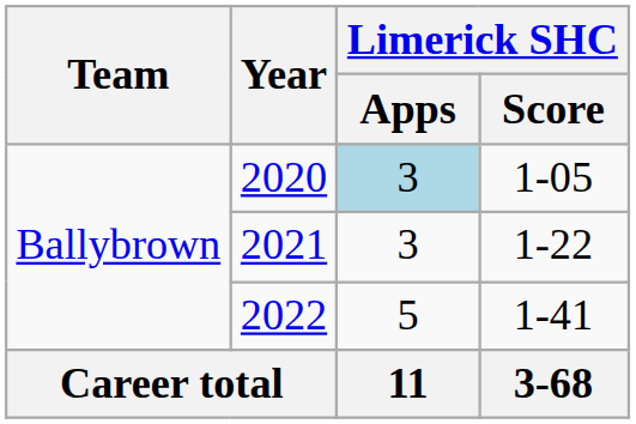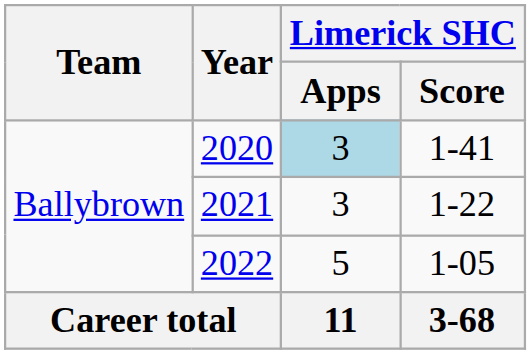 <table class="wikitable" style="text-align:center">
 <tr>
 <th rowspan="2">Team</th>
 <th rowspan="2">Year</th>
 <th colspan="2"><a href='#'>Limerick SHC</a></th>
 </tr>
 <tr>
 <th>Apps</th>
 <th>Score</th>
 </tr>
 <tr>
 <td rowspan="3"><a href='#'>Ballybrown</a></td>
 <td><a href='#'>2020</a></td>
 <td style="background: lightblue;">3</td>
-<td>1-05</td>
+<td>1-41</td>
 </tr>
 <tr>
 <td><a href='#'>2021</a></td>
 <td>3</td>
 <td>1-22</td>
 </tr>
 <tr>
 <td><a href='#'>2022</a></td>
 <td>5</td>
-<td>1-41</td>
+<td>1-05</td>
 </tr>
 <tr>
 <th colspan="2">Career total</th>
 <th>11</th>
 <th>3-68</th>
 </tr>
 </table>
